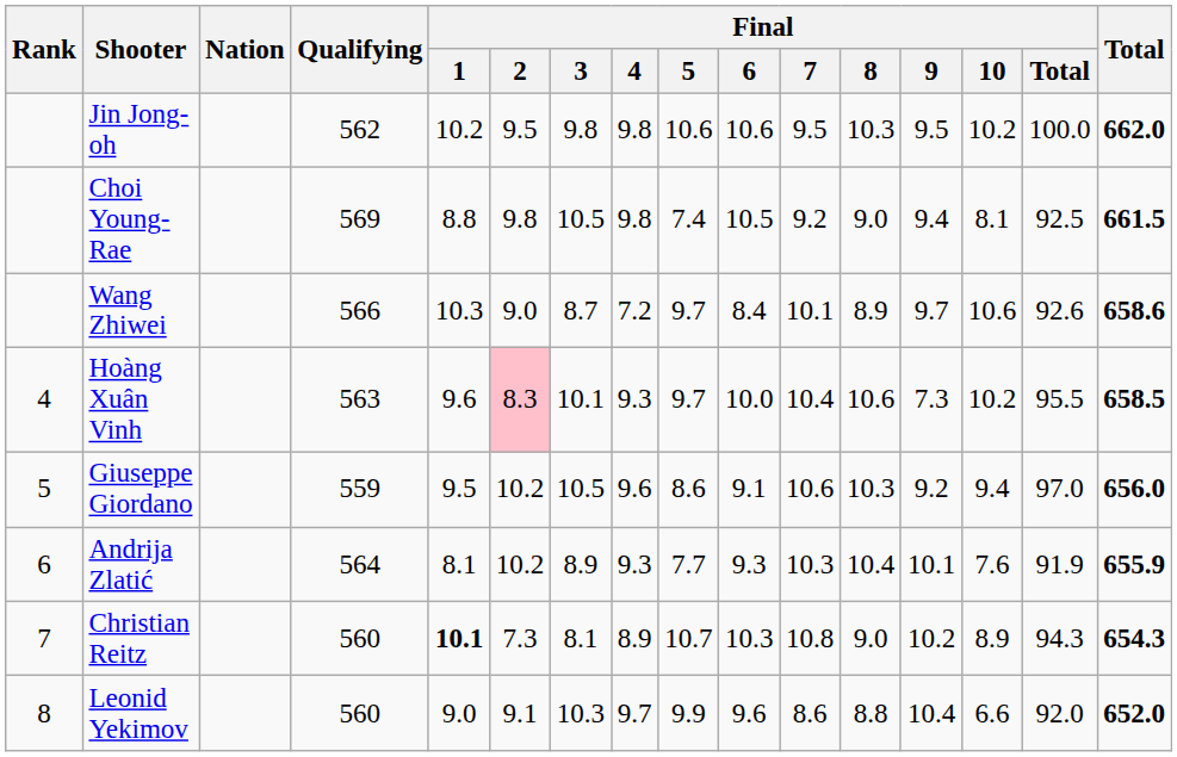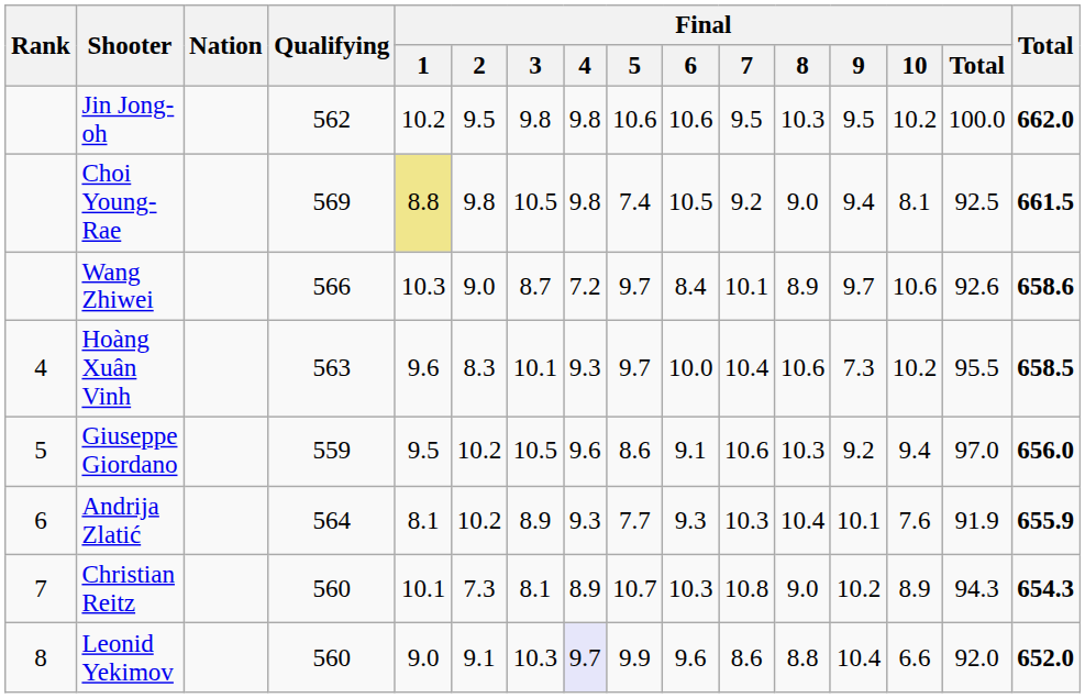 <table class="wikitable sortable" style="text-align:center">
 <tr>
 <th rowspan=2>Rank</th>
 <th rowspan=2>Shooter</th>
 <th rowspan=2>Nation</th>
 <th rowspan=2>Qualifying</th>
 <th colspan=11>Final</th>
 <th rowspan=2>Total</th>
 </tr>
 <tr>
 <th>1</th>
 <th>2</th>
 <th>3</th>
 <th>4</th>
 <th>5</th>
 <th>6</th>
 <th>7</th>
 <th>8</th>
 <th>9</th>
 <th>10</th>
 <th>Total</th>
 </tr>
 <tr>
 <td></td>
 <td align=left><a href='#'>Jin Jong-oh</a></td>
 <td align=left></td>
 <td>562</td>
 <td>10.2</td>
 <td>9.5</td>
 <td>9.8</td>
 <td>9.8</td>
 <td>10.6</td>
 <td>10.6</td>
 <td>9.5</td>
 <td>10.3</td>
 <td>9.5</td>
 <td>10.2</td>
 <td>100.0</td>
 <td><strong>662.0</strong></td>
 </tr>
 <tr>
 <td></td>
 <td align=left><a href='#'>Choi Young-Rae</a></td>
 <td align=left></td>
 <td>569</td>
-<td>8.8</td>
+<td style="background: khaki;">8.8</td>
 <td>9.8</td>
 <td>10.5</td>
 <td>9.8</td>
 <td>7.4</td>
 <td>10.5</td>
 <td>9.2</td>
 <td>9.0</td>
 <td>9.4</td>
 <td>8.1</td>
 <td>92.5</td>
 <td><strong>661.5</strong></td>
 </tr>
 <tr>
 <td></td>
 <td align=left><a href='#'>Wang Zhiwei</a></td>
 <td align=left></td>
 <td>566</td>
 <td>10.3</td>
 <td>9.0</td>
 <td>8.7</td>
 <td>7.2</td>
 <td>9.7</td>
 <td>8.4</td>
 <td>10.1</td>
 <td>8.9</td>
 <td>9.7</td>
 <td>10.6</td>
 <td>92.6</td>
 <td><strong>658.6</strong></td>
 </tr>
 <tr>
 <td>4</td>
 <td align=left><a href='#'>Hoàng Xuân Vinh</a></td>
 <td align=left></td>
 <td>563</td>
 <td>9.6</td>
-<td style="background: pink;">8.3</td>
+<td>8.3</td>
 <td>10.1</td>
 <td>9.3</td>
 <td>9.7</td>
 <td>10.0</td>
 <td>10.4</td>
 <td>10.6</td>
 <td>7.3</td>
 <td>10.2</td>
 <td>95.5</td>
 <td><strong>658.5</strong></td>
 </tr>
 <tr>
 <td>5</td>
 <td align=left><a href='#'>Giuseppe Giordano</a></td>
 <td align=left></td>
 <td>559</td>
 <td>9.5</td>
 <td>10.2</td>
 <td>10.5</td>
 <td>9.6</td>
 <td>8.6</td>
 <td>9.1</td>
 <td>10.6</td>
 <td>10.3</td>
 <td>9.2</td>
 <td>9.4</td>
 <td>97.0</td>
 <td><strong>656.0</strong></td>
 </tr>
 <tr>
 <td>6</td>
 <td align=left><a href='#'>Andrija Zlatić</a></td>
 <td align=left></td>
 <td>564</td>
 <td>8.1</td>
 <td>10.2</td>
 <td>8.9</td>
 <td>9.3</td>
 <td>7.7</td>
 <td>9.3</td>
 <td>10.3</td>
 <td>10.4</td>
 <td>10.1</td>
 <td>7.6</td>
 <td>91.9</td>
 <td><strong>655.9</strong></td>
 </tr>
 <tr>
 <td>7</td>
 <td align=left><a href='#'>Christian Reitz</a></td>
 <td align=left></td>
 <td>560</td>
-<td><strong>10.1</strong></td>
+<td>10.1</td>
 <td>7.3</td>
 <td>8.1</td>
 <td>8.9</td>
 <td>10.7</td>
 <td>10.3</td>
 <td>10.8</td>
 <td>9.0</td>
 <td>10.2</td>
 <td>8.9</td>
 <td>94.3</td>
 <td><strong>654.3</strong></td>
 </tr>
 <tr>
 <td>8</td>
 <td align=left><a href='#'>Leonid Yekimov</a></td>
 <td align=left></td>
 <td>560</td>
 <td>9.0</td>
 <td>9.1</td>
 <td>10.3</td>
-<td>9.7</td>
+<td style="background: lavender;">9.7</td>
 <td>9.9</td>
 <td>9.6</td>
 <td>8.6</td>
 <td>8.8</td>
 <td>10.4</td>
 <td>6.6</td>
 <td>92.0</td>
 <td><strong>652.0</strong></td>
 </tr>
 </table>
